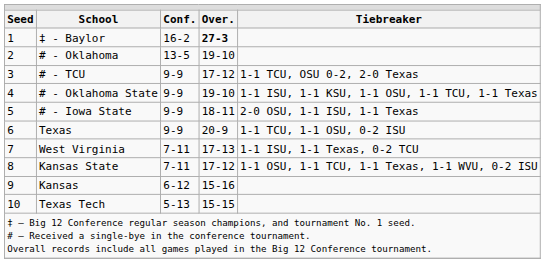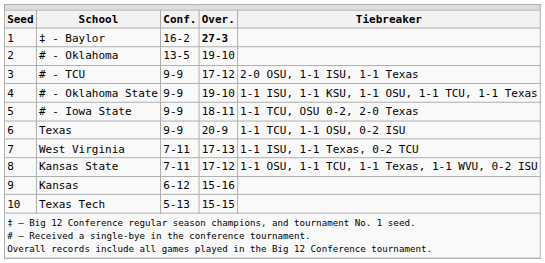 <table class="wikitable" style="white-space:nowrap; font-size:90%;">
 <tr>
 <td colspan="10" style="text-align:center; background:#DDDDDD; font:#000000"><strong></strong></td>
 </tr>
 <tr bgcolor="#efefef">
 <th>Seed</th>
 <th>School</th>
 <th>Conf.</th>
 <th>Over.</th>
 <th>Tiebreaker</th>
 </tr>
 <tr>
 <td>1</td>
 <td>‡ - Baylor</td>
 <td>16-2</td>
 <td><strong>27-3</strong></td>
 <td></td>
 </tr>
 <tr>
 <td>2</td>
 <td># - Oklahoma</td>
 <td>13-5</td>
 <td>19-10</td>
 <td></td>
 </tr>
 <tr>
 <td>3</td>
 <td># - TCU</td>
 <td>9-9</td>
 <td>17-12</td>
-<td>1-1 TCU, OSU 0-2, 2-0 Texas</td>
+<td>2-0 OSU, 1-1 ISU, 1-1 Texas</td>
 </tr>
 <tr>
 <td>4</td>
 <td># - Oklahoma State</td>
 <td>9-9</td>
 <td>19-10</td>
 <td>1-1 ISU, 1-1 KSU, 1-1 OSU, 1-1 TCU, 1-1 Texas</td>
 </tr>
 <tr>
 <td>5</td>
 <td># - Iowa State</td>
 <td>9-9</td>
 <td>18-11</td>
-<td>2-0 OSU, 1-1 ISU, 1-1 Texas</td>
+<td>1-1 TCU, OSU 0-2, 2-0 Texas</td>
 </tr>
 <tr>
 <td>6</td>
 <td>Texas</td>
 <td>9-9</td>
 <td>20-9</td>
 <td>1-1 TCU, 1-1 OSU, 0-2 ISU</td>
 </tr>
 <tr>
 <td>7</td>
 <td>West Virginia</td>
 <td>7-11</td>
 <td>17-13</td>
 <td>1-1 ISU, 1-1 Texas, 0-2 TCU</td>
 </tr>
 <tr>
 <td>8</td>
 <td>Kansas State</td>
 <td>7-11</td>
 <td>17-12</td>
 <td>1-1 OSU, 1-1 TCU, 1-1 Texas, 1-1 WVU, 0-2 ISU</td>
 </tr>
 <tr>
 <td>9</td>
 <td>Kansas</td>
 <td>6-12</td>
 <td>15-16</td>
 <td></td>
 </tr>
 <tr>
 <td>10</td>
 <td>Texas Tech</td>
 <td>5-13</td>
 <td>15-15</td>
 <td></td>
 </tr>
 <tr>
 <td colspan="10" style="text-align:left;"><small>‡ – Big 12 Conference regular season champions, and tournament No. 1 seed.<br># – Received a single-bye in the conference tournament.<br>Overall records include all games played in the Big 12 Conference tournament.</small></td>
 </tr>
 <tr>
 </tr>
 </table>
